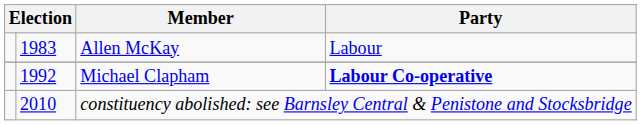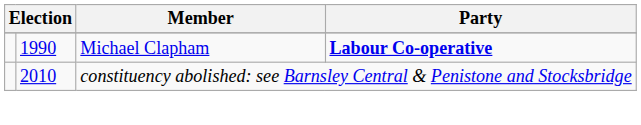 <table class="wikitable">
 <tr>
 <th colspan="2">Election</th>
 <th>Member</th>
 <th>Party</th>
 </tr>
 <tr>
-<td style="color:inherit;background-color: "></td>
-<td><a href='#'>1983</a></td>
-<td><a href='#'>Allen McKay</a></td>
-<td><a href='#'>Labour</a></td>
-</tr>
-<tr>
 </tr>
 <tr>
 <td style="color:inherit;background-color: "></td>
-<td><a href='#'>1992</a></td>
+<td><a href='#'>1990</a></td>
 <td><a href='#'>Michael Clapham</a></td>
 <td><strong><a href='#'>Labour Co-operative</a></strong></td>
 </tr>
 <tr>
 <td></td>
 <td><a href='#'>2010</a></td>
 <td colspan="2"><em>constituency abolished: see <a href='#'>Barnsley Central</a> & <a href='#'>Penistone and Stocksbridge</a></em></td>
 </tr>
 </table>
